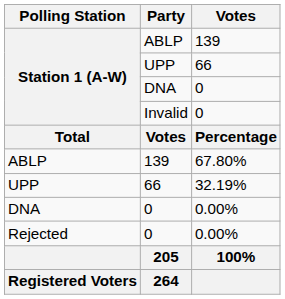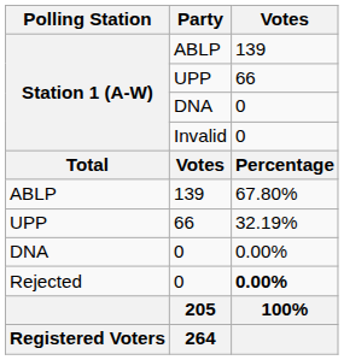 <table class="wikitable">
 <tr>
 <th>Polling Station</th>
 <th>Party</th>
 <th>Votes</th>
 </tr>
 <tr>
 <th rowspan="4">Station 1 (A-W)</th>
 <td>ABLP</td>
 <td>139</td>
 </tr>
 <tr>
 <td>UPP</td>
 <td>66</td>
 </tr>
 <tr>
 <td>DNA</td>
 <td>0</td>
 </tr>
 <tr>
 <td>Invalid</td>
 <td>0</td>
 </tr>
 <tr>
 <th>Total</th>
 <th>Votes</th>
 <th>Percentage</th>
 </tr>
 <tr>
 <td>ABLP</td>
 <td>139</td>
 <td>67.80%</td>
 </tr>
 <tr>
 <td>UPP</td>
 <td>66</td>
 <td>32.19%</td>
 </tr>
 <tr>
 <td>DNA</td>
 <td>0</td>
 <td>0.00%</td>
 </tr>
 <tr>
 <td>Rejected</td>
 <td>0</td>
-<td>0.00%</td>
+<td><strong>0.00%</strong></td>
 </tr>
 <tr>
 <th></th>
 <th>205</th>
 <th>100%</th>
 </tr>
 <tr>
 <th>Registered Voters</th>
 <th>264</th>
 <th></th>
 </tr>
 </table>
